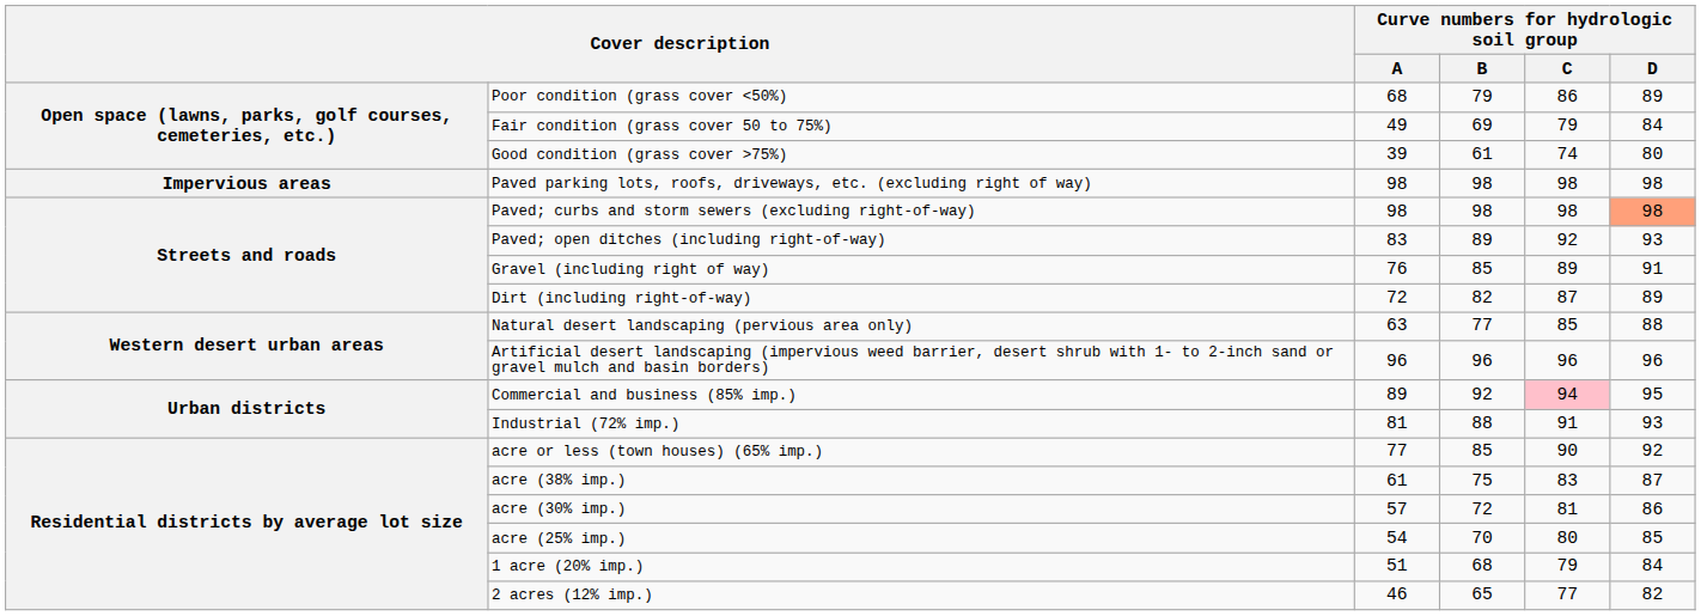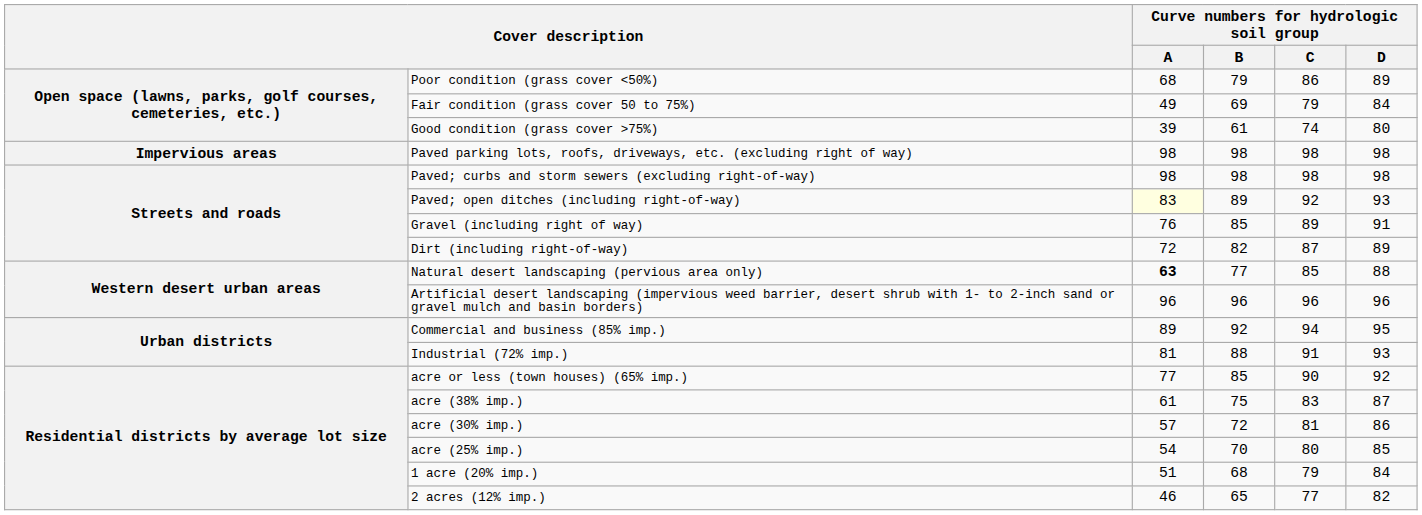 <table class="wikitable">
 <tr>
 <th rowspan="2" colspan="2">Cover description</th>
 <th colspan="4">Curve numbers for hydrologic soil group</th>
 </tr>
 <tr>
 <th>A</th>
 <th>B</th>
 <th>C</th>
 <th>D</th>
 </tr>
 <tr>
 <th rowspan="3">Open space (lawns, parks, golf courses, cemeteries, etc.)</th>
 <td style="font-size:85%">Poor condition (grass cover <50%)</td>
 <td align="center">68</td>
 <td align="center">79</td>
 <td align="center">86</td>
 <td align="center">89</td>
 </tr>
 <tr>
 <td style="font-size:85%">Fair condition (grass cover 50 to 75%)</td>
 <td align="center">49</td>
 <td align="center">69</td>
 <td align="center">79</td>
 <td align="center">84</td>
 </tr>
 <tr>
 <td style="font-size:85%">Good condition (grass cover >75%)</td>
 <td align="center">39</td>
 <td align="center">61</td>
 <td align="center">74</td>
 <td align="center">80</td>
 </tr>
 <tr>
 <th>Impervious areas</th>
 <td style="font-size:85%">Paved parking lots, roofs, driveways, etc. (excluding right of way)</td>
 <td align="center">98</td>
 <td align="center">98</td>
 <td align="center">98</td>
 <td align="center">98</td>
 </tr>
 <tr>
 <th rowspan="4">Streets and roads</th>
 <td style="font-size:85%">Paved; curbs and storm sewers (excluding right-of-way)</td>
 <td align="center">98</td>
 <td align="center">98</td>
 <td align="center">98</td>
-<td align="center" style="background: lightsalmon;">98</td>
+<td align="center">98</td>
 </tr>
 <tr>
 <td style="font-size:85%">Paved; open ditches (including right-of-way)</td>
-<td align="center">83</td>
+<td align="center" style="background: lightyellow;">83</td>
 <td align="center">89</td>
 <td align="center">92</td>
 <td align="center">93</td>
 </tr>
 <tr>
 <td style="font-size:85%">Gravel (including right of way)</td>
 <td align="center">76</td>
 <td align="center">85</td>
 <td align="center">89</td>
 <td align="center">91</td>
 </tr>
 <tr>
 <td style="font-size:85%">Dirt (including right-of-way)</td>
 <td align="center">72</td>
 <td align="center">82</td>
 <td align="center">87</td>
 <td align="center">89</td>
 </tr>
 <tr>
 <th rowspan="2">Western desert urban areas</th>
 <td style="font-size:85%">Natural desert landscaping (pervious area only)</td>
-<td align="center">63</td>
+<td align="center"><strong>63</strong></td>
 <td align="center">77</td>
 <td align="center">85</td>
 <td align="center">88</td>
 </tr>
 <tr>
 <td style="font-size:85%">Artificial desert landscaping (impervious weed barrier, desert shrub with 1- to 2-inch sand or gravel mulch and basin borders)</td>
 <td align="center">96</td>
 <td align="center">96</td>
 <td align="center">96</td>
 <td align="center">96</td>
 </tr>
 <tr>
 <th rowspan="2">Urban districts</th>
 <td style="font-size:85%">Commercial and business (85% imp.)</td>
 <td align="center">89</td>
 <td align="center">92</td>
-<td align="center" style="background: pink;">94</td>
+<td align="center">94</td>
 <td align="center">95</td>
 </tr>
 <tr>
 <td style="font-size:85%">Industrial (72% imp.)</td>
 <td align="center">81</td>
 <td align="center">88</td>
 <td align="center">91</td>
 <td align="center">93</td>
 </tr>
 <tr>
 <th rowspan="6">Residential districts by average lot size</th>
 <td style="font-size:85%"> acre or less (town houses) (65% imp.)</td>
 <td align="center">77</td>
 <td align="center">85</td>
 <td align="center">90</td>
 <td align="center">92</td>
 </tr>
 <tr>
 <td style="font-size:85%"> acre (38% imp.)</td>
 <td align="center">61</td>
 <td align="center">75</td>
 <td align="center">83</td>
 <td align="center">87</td>
 </tr>
 <tr>
 <td style="font-size:85%"> acre (30% imp.)</td>
 <td align="center">57</td>
 <td align="center">72</td>
 <td align="center">81</td>
 <td align="center">86</td>
 </tr>
 <tr>
 <td style="font-size:85%"> acre (25% imp.)</td>
 <td align="center">54</td>
 <td align="center">70</td>
 <td align="center">80</td>
 <td align="center">85</td>
 </tr>
 <tr>
 <td style="font-size:85%">1 acre (20% imp.)</td>
 <td align="center">51</td>
 <td align="center">68</td>
 <td align="center">79</td>
 <td align="center">84</td>
 </tr>
 <tr>
 <td style="font-size:85%">2 acres (12% imp.)</td>
 <td align="center">46</td>
 <td align="center">65</td>
 <td align="center">77</td>
 <td align="center">82</td>
 </tr>
 </table>
